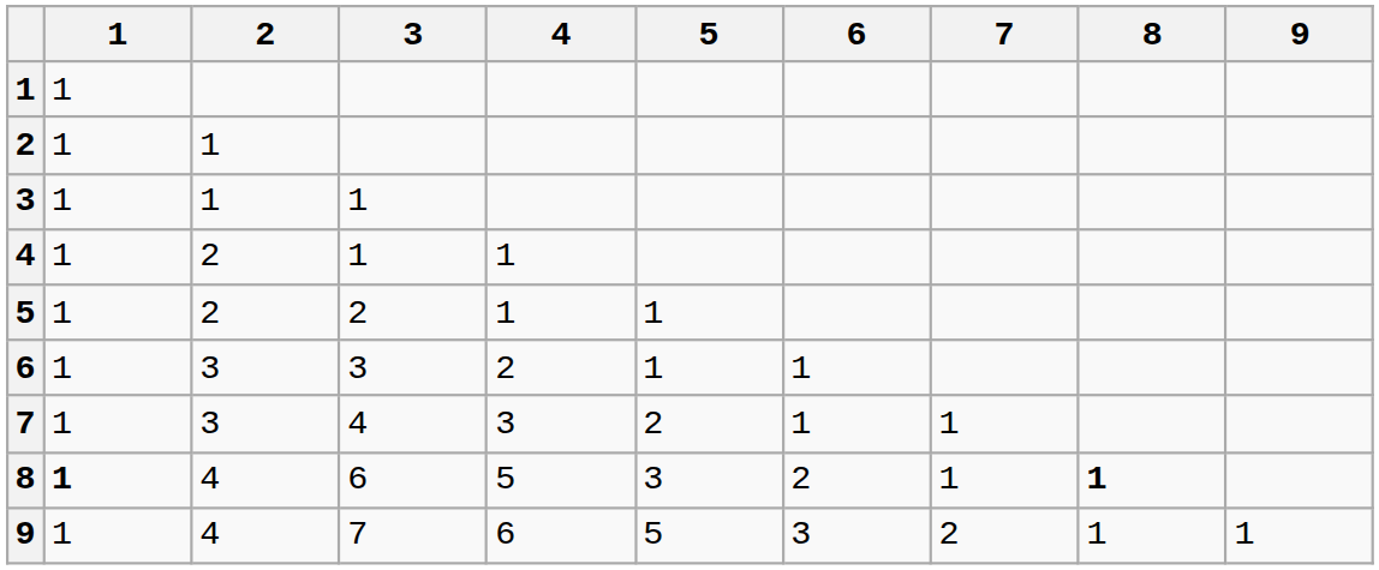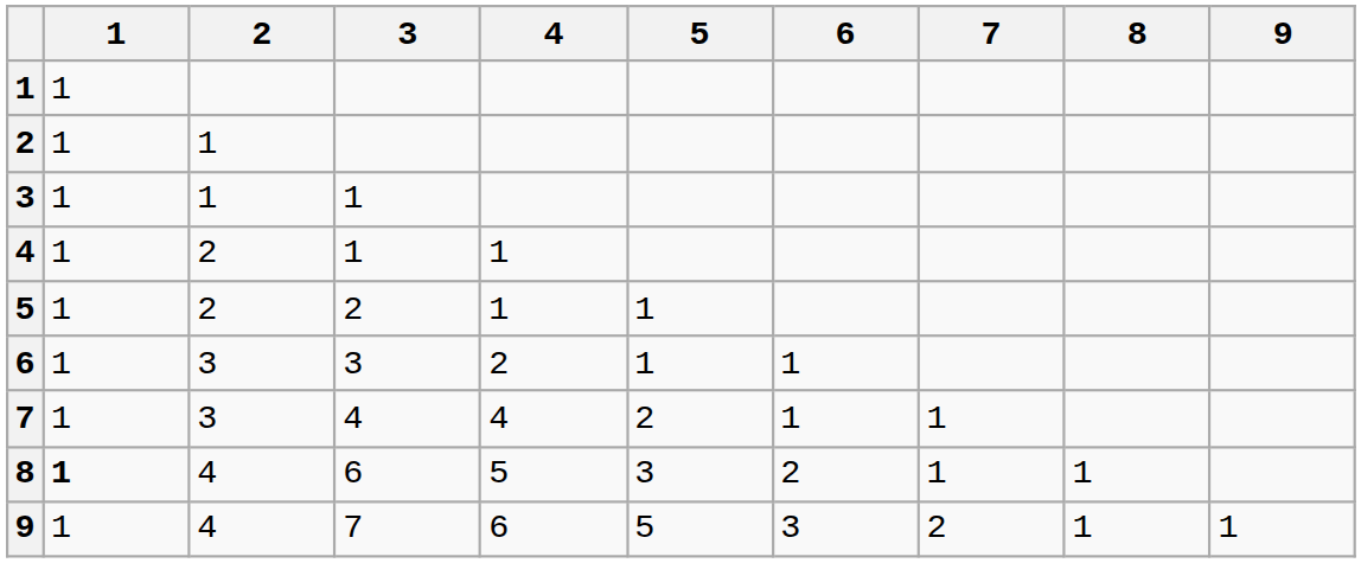 <table class="wikitable" style="margin-left:1.6em">
 <tr>
 <th></th>
 <th width="50">1</th>
 <th width="50">2</th>
 <th width="50">3</th>
 <th width="50">4</th>
 <th width="50">5</th>
 <th width="50">6</th>
 <th width="50">7</th>
 <th width="50">8</th>
 <th width="50">9</th>
 </tr>
 <tr>
 <th>1</th>
 <td>1</td>
 <td></td>
 <td></td>
 <td></td>
 <td></td>
 <td></td>
 <td></td>
 <td></td>
 <td></td>
 </tr>
 <tr>
 <th>2</th>
 <td>1</td>
 <td>1</td>
 <td></td>
 <td></td>
 <td></td>
 <td></td>
 <td></td>
 <td></td>
 <td></td>
 </tr>
 <tr>
 <th>3</th>
 <td>1</td>
 <td>1</td>
 <td>1</td>
 <td></td>
 <td></td>
 <td></td>
 <td></td>
 <td></td>
 <td></td>
 </tr>
 <tr>
 <th>4</th>
 <td>1</td>
 <td>2</td>
 <td>1</td>
 <td>1</td>
 <td></td>
 <td></td>
 <td></td>
 <td></td>
 <td></td>
 </tr>
 <tr>
 <th>5</th>
 <td>1</td>
 <td>2</td>
 <td>2</td>
 <td>1</td>
 <td>1</td>
 <td></td>
 <td></td>
 <td></td>
 <td></td>
 </tr>
 <tr>
 <th>6</th>
 <td>1</td>
 <td>3</td>
 <td>3</td>
 <td>2</td>
 <td>1</td>
 <td>1</td>
 <td></td>
 <td></td>
 <td></td>
 </tr>
 <tr>
 <th>7</th>
 <td>1</td>
 <td>3</td>
 <td>4</td>
-<td>3</td>
+<td>4</td>
 <td>2</td>
 <td>1</td>
 <td>1</td>
 <td></td>
 <td></td>
 </tr>
 <tr>
 <th>8</th>
 <td><strong>1</strong></td>
 <td>4</td>
 <td>6</td>
 <td>5</td>
 <td>3</td>
 <td>2</td>
 <td>1</td>
-<td><strong>1</strong></td>
+<td>1</td>
 <td></td>
 </tr>
 <tr>
 <th>9</th>
 <td>1</td>
 <td>4</td>
 <td>7</td>
 <td>6</td>
 <td>5</td>
 <td>3</td>
 <td>2</td>
 <td>1</td>
 <td>1</td>
 </tr>
 </table>
